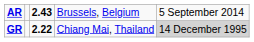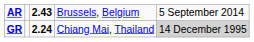 <table class="wikitable" style="font-size:95%; position:relative;">
 <tr>
 <td align=center><strong><a href='#'>AR</a></strong></td>
 <td></td>
 <td><strong>2.43</strong></td>
 <td><a href='#'>Brussels</a>, <a href='#'>Belgium</a></td>
 <td>5 September 2014</td>
 </tr>
 <tr>
 <td align=center><strong><a href='#'>GR</a></strong></td>
 <td></td>
-<td><strong>2.22</strong></td>
+<td><strong>2.24</strong></td>
 <td><a href='#'>Chiang Mai</a>, <a href='#'>Thailand</a></td>
 <td style="background: lightgrey;">14 December 1995</td>
 </tr>
 </table>
